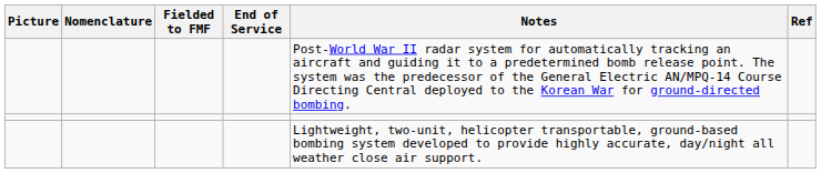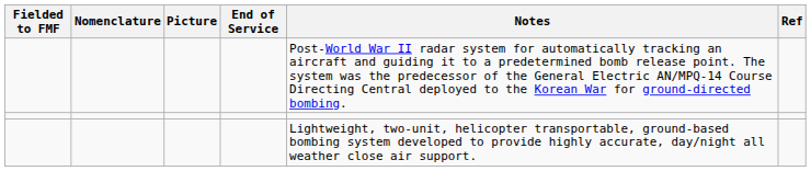 <table class="wikitable sortable">
 <tr>
+<th class="unsortable">Fielded to FMF</th>
+<th class="unsortable">Nomenclature</th>
 <th class="unsortable">Picture</th>
-<th class="unsortable">Nomenclature</th>
-<th class="unsortable">Fielded to FMF</th>
 <th class="unsortable">End of Service</th>
 <th class="unsortable">Notes</th>
 <th class="unsortable">Ref</th>
 </tr>
 <tr>
 <td></td>
 <td></td>
 <td></td>
 <td></td>
 <td>Post-<a href='#'>World War II</a> radar system for automatically tracking an aircraft and guiding it to a predetermined bomb release point.  The system was the predecessor of the General Electric AN/MPQ-14 Course Directing Central deployed to the <a href='#'>Korean War</a> for <a href='#'>ground-directed bombing</a>.</td>
 <td></td>
 </tr>
 <tr>
 <td></td>
 <td></td>
 <td></td>
 <td></td>
 <td></td>
 <td></td>
 </tr>
 <tr>
 <td></td>
 <td></td>
 <td></td>
 <td></td>
 <td>Lightweight, two-unit, helicopter transportable, ground-based bombing system developed to provide highly accurate, day/night all weather close air support.</td>
 <td></td>
 </tr>
 </table>
